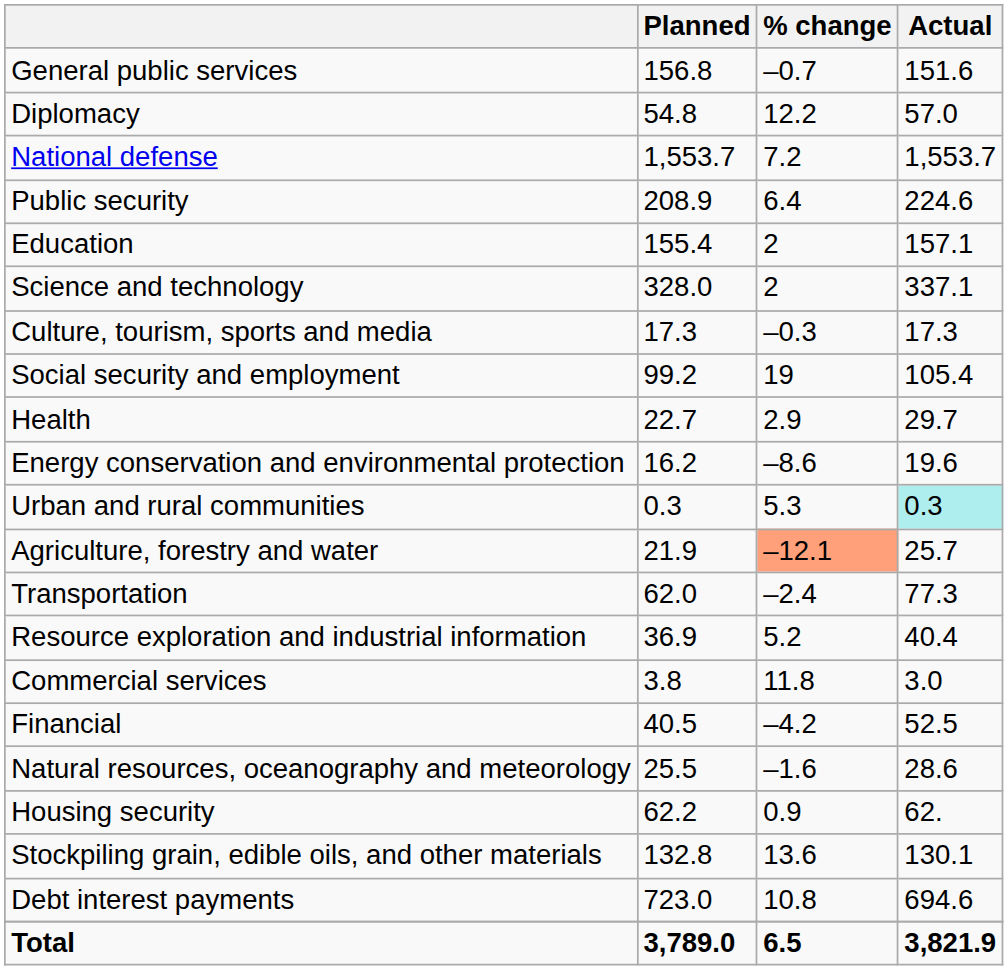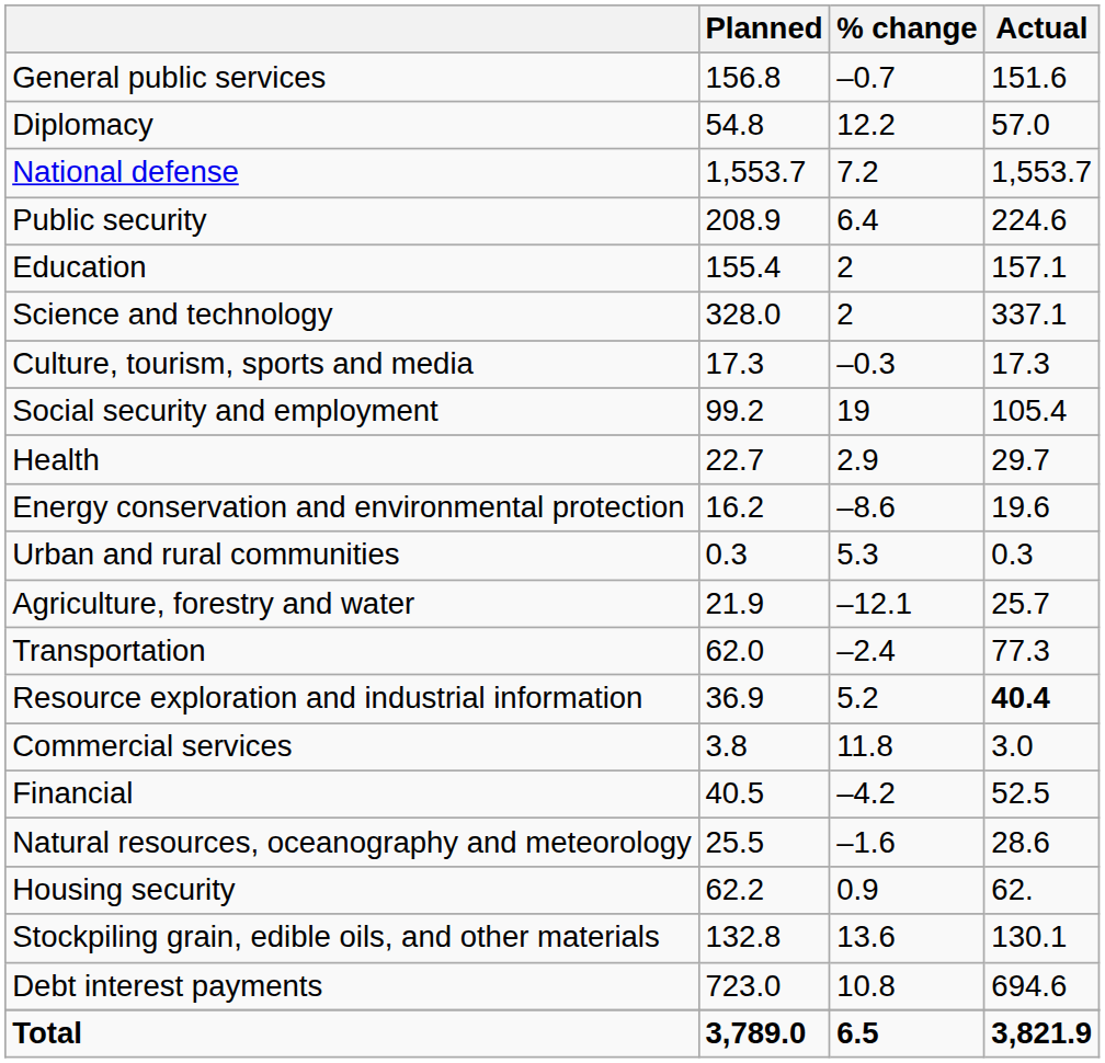 <table class="wikitable sortable">
 <tr>
 <th></th>
 <th>Planned</th>
 <th>% change</th>
 <th>Actual</th>
 </tr>
 <tr>
 <td>General public services</td>
 <td>156.8</td>
 <td>–0.7</td>
 <td>151.6</td>
 </tr>
 <tr>
 <td>Diplomacy</td>
 <td>54.8</td>
 <td>12.2</td>
 <td>57.0</td>
 </tr>
 <tr>
 <td><a href='#'>National defense</a></td>
 <td>1,553.7</td>
 <td>7.2</td>
 <td>1,553.7</td>
 </tr>
 <tr>
 <td>Public security</td>
 <td>208.9</td>
 <td>6.4</td>
 <td>224.6</td>
 </tr>
 <tr>
 <td>Education</td>
 <td>155.4</td>
 <td>2</td>
 <td>157.1</td>
 </tr>
 <tr>
 <td>Science and technology</td>
 <td>328.0</td>
 <td>2</td>
 <td>337.1</td>
 </tr>
 <tr>
 <td>Culture, tourism, sports and media</td>
 <td>17.3</td>
 <td>–0.3</td>
 <td>17.3</td>
 </tr>
 <tr>
 <td>Social security and employment</td>
 <td>99.2</td>
 <td>19</td>
 <td>105.4</td>
 </tr>
 <tr>
 <td>Health</td>
 <td>22.7</td>
 <td>2.9</td>
 <td>29.7</td>
 </tr>
 <tr>
 <td>Energy conservation and environmental protection</td>
 <td>16.2</td>
 <td>–8.6</td>
 <td>19.6</td>
 </tr>
 <tr>
 <td>Urban and rural communities</td>
 <td>0.3</td>
 <td>5.3</td>
-<td style="background: paleturquoise;">0.3</td>
+<td>0.3</td>
 </tr>
 <tr>
 <td>Agriculture, forestry and water</td>
 <td>21.9</td>
-<td style="background: lightsalmon;">–12.1</td>
+<td>–12.1</td>
 <td>25.7</td>
 </tr>
 <tr>
 <td>Transportation</td>
 <td>62.0</td>
 <td>–2.4</td>
 <td>77.3</td>
 </tr>
 <tr>
 <td>Resource exploration and industrial information</td>
 <td>36.9</td>
 <td>5.2</td>
-<td>40.4</td>
+<td><strong>40.4</strong></td>
 </tr>
 <tr>
 <td>Commercial services</td>
 <td>3.8</td>
 <td>11.8</td>
 <td>3.0</td>
 </tr>
 <tr>
 <td>Financial</td>
 <td>40.5</td>
 <td>–4.2</td>
 <td>52.5</td>
 </tr>
 <tr>
 <td>Natural resources, oceanography and meteorology</td>
 <td>25.5</td>
 <td>–1.6</td>
 <td>28.6</td>
 </tr>
 <tr>
 <td>Housing security</td>
 <td>62.2</td>
 <td>0.9</td>
 <td>62.</td>
 </tr>
 <tr>
 <td>Stockpiling grain, edible oils, and other materials</td>
 <td>132.8</td>
 <td>13.6</td>
 <td>130.1</td>
 </tr>
 <tr>
 <td>Debt interest payments</td>
 <td>723.0</td>
 <td>10.8</td>
 <td>694.6</td>
 </tr>
 <tr>
 </tr>
 <tr class="sortbottom">
 <td><strong>Total</strong></td>
 <td><strong>3,789.0</strong></td>
 <td><strong>6.5</strong></td>
 <td><strong>3,821.9</strong></td>
 </tr>
 </table>
